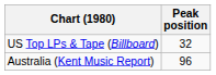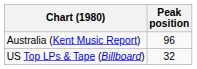 <table class="wikitable">
 <tr>
 <th>Chart (1980)</th>
 <th>Peak<br>position</th>
 </tr>
 <tr>
+<td>Australia (<a href='#'>Kent Music Report</a>)</td>
+<td style="text-align:center;">96</td>
+</tr>
+<tr>
 <td>US <a href='#'>Top LPs & Tape</a> (<em><a href='#'>Billboard</a></em>)</td>
 <td style="text-align:center;">32</td>
 </tr>
-<tr>
-<td>Australia (<a href='#'>Kent Music Report</a>)</td>
-<td style="text-align:center;">96</td>
-</tr>
 </table>
